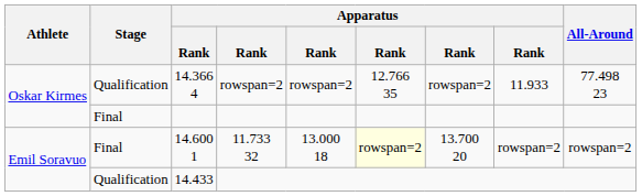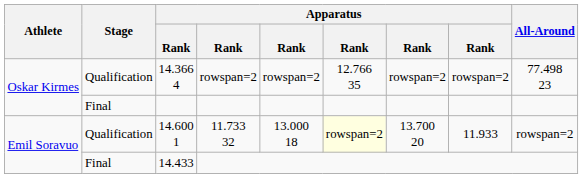 <table class="wikitable" style="font-size:90%">
 <tr style="font-size:95%">
 <th rowspan=2>Athlete</th>
 <th rowspan=2>Stage</th>
 <th colspan=6>Apparatus</th>
 <th rowspan=2><a href='#'>All-Around</a></th>
 </tr>
 <tr style="font-size:95%">
 <th><a href='#'></a><br>Rank</th>
 <th><a href='#'></a><br>Rank</th>
 <th><a href='#'></a><br>Rank</th>
 <th><a href='#'></a><br>Rank</th>
 <th><a href='#'></a><br>Rank</th>
 <th><a href='#'></a><br>Rank</th>
 </tr>
 <tr align=center>
 <td align=left rowspan=2><a href='#'>Oskar Kirmes</a></td>
 <td align=left>Qualification</td>
 <td>14.366<br> 4</td>
 <td>rowspan=2 </td>
 <td>rowspan=2 </td>
 <td>12.766<br> 35</td>
 <td>rowspan=2 </td>
-<td>11.933<br></td>
+<td>rowspan=2 </td>
 <td>77.498<br> 23</td>
 </tr>
 <tr align=center>
 <td align=left>Final</td>
 <td></td>
 <td></td>
 <td></td>
 <td></td>
 <td></td>
 <td></td>
 <td></td>
 </tr>
 <tr align=center>
 <td align=left rowspan=2><a href='#'>Emil Soravuo</a></td>
-<td align=left>Final</td>
+<td align=left>Qualification</td>
 <td>14.600<br>1 </td>
 <td>11.733<br> 32</td>
 <td>13.000<br> 18</td>
 <td style="background: lightyellow;">rowspan=2 </td>
 <td>13.700<br> 20</td>
-<td>rowspan=2 </td>
+<td>11.933<br></td>
 <td>rowspan=2 </td>
 </tr>
 <tr align=center>
-<td align=left>Qualification</td>
+<td align=left>Final</td>
 <td>14.433<br> </td>
 </tr>
 </table>
